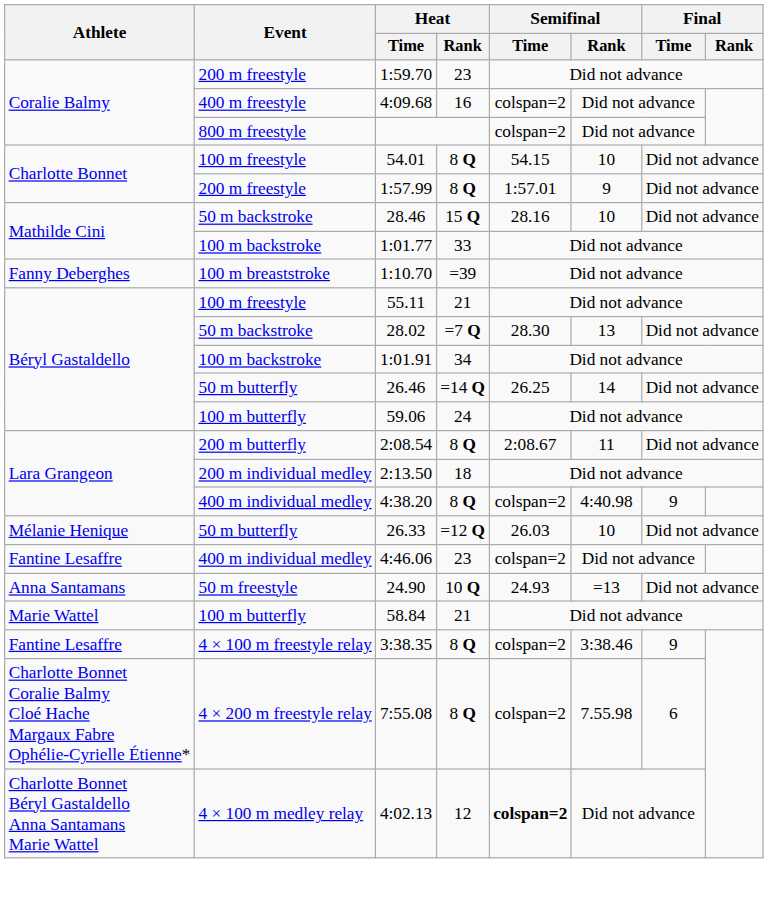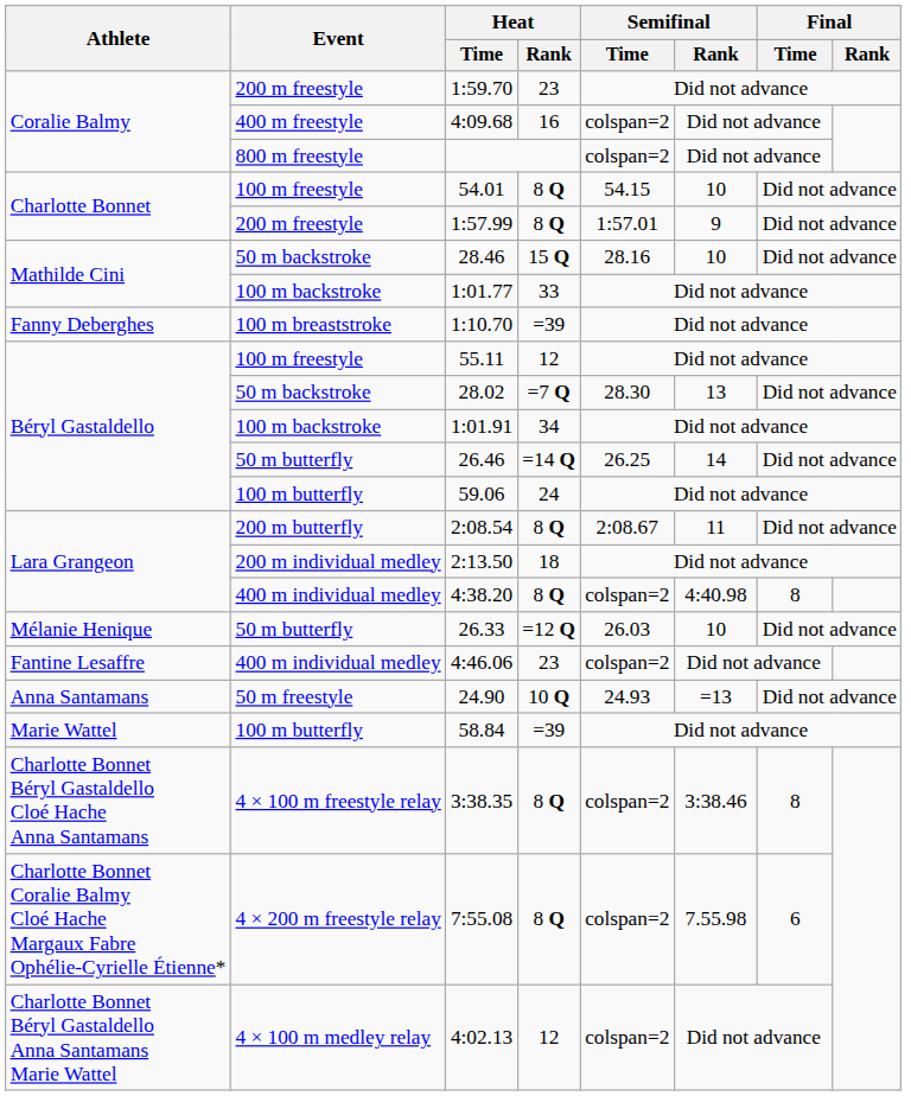 <table class=wikitable style="font-size:90%">
 <tr>
 <th rowspan="2">Athlete</th>
 <th rowspan="2">Event</th>
 <th colspan="2">Heat</th>
 <th colspan="2">Semifinal</th>
 <th colspan="2">Final</th>
 </tr>
 <tr style="font-size:95%">
 <th>Time</th>
 <th>Rank</th>
 <th>Time</th>
 <th>Rank</th>
 <th>Time</th>
 <th>Rank</th>
 </tr>
 <tr align=center>
 <td align=left rowspan=3><a href='#'>Coralie Balmy</a></td>
 <td align=left><a href='#'>200 m freestyle</a></td>
 <td>1:59.70</td>
 <td>23</td>
 <td colspan=4>Did not advance</td>
 </tr>
 <tr align=center>
 <td align=left><a href='#'>400 m freestyle</a></td>
 <td>4:09.68</td>
 <td>16</td>
 <td>colspan=2 </td>
 <td colspan=2>Did not advance</td>
 </tr>
 <tr align=center>
 <td align=left><a href='#'>800 m freestyle</a></td>
 <td colspan=2></td>
 <td>colspan=2 </td>
 <td colspan=2>Did not advance</td>
 </tr>
 <tr align=center>
 <td align=left rowspan=2><a href='#'>Charlotte Bonnet</a></td>
 <td align=left><a href='#'>100 m freestyle</a></td>
 <td>54.01</td>
 <td>8 <strong>Q</strong></td>
 <td>54.15</td>
 <td>10</td>
 <td colspan=2>Did not advance</td>
 </tr>
 <tr align=center>
 <td align=left><a href='#'>200 m freestyle</a></td>
 <td>1:57.99</td>
 <td>8 <strong>Q</strong></td>
 <td>1:57.01</td>
 <td>9</td>
 <td colspan=2>Did not advance</td>
 </tr>
 <tr align=center>
 <td align=left rowspan=2><a href='#'>Mathilde Cini</a></td>
 <td align=left><a href='#'>50 m backstroke</a></td>
 <td>28.46</td>
 <td>15 <strong>Q</strong></td>
 <td>28.16</td>
 <td>10</td>
 <td colspan=2>Did not advance</td>
 </tr>
 <tr align=center>
 <td align=left><a href='#'>100 m backstroke</a></td>
 <td>1:01.77</td>
 <td>33</td>
 <td colspan=4>Did not advance</td>
 </tr>
 <tr align=center>
 <td align=left><a href='#'>Fanny Deberghes</a></td>
 <td align=left><a href='#'>100 m breaststroke</a></td>
 <td>1:10.70</td>
 <td>=39</td>
 <td colspan=4>Did not advance</td>
 </tr>
 <tr align=center>
 <td align=left rowspan=5><a href='#'>Béryl Gastaldello</a></td>
 <td align=left><a href='#'>100 m freestyle</a></td>
 <td>55.11</td>
-<td>21</td>
+<td>12</td>
 <td colspan=4>Did not advance</td>
 </tr>
 <tr align=center>
 <td align=left><a href='#'>50 m backstroke</a></td>
 <td>28.02</td>
 <td>=7 <strong>Q</strong></td>
 <td>28.30</td>
 <td>13</td>
 <td colspan=2>Did not advance</td>
 </tr>
 <tr align=center>
 <td align=left><a href='#'>100 m backstroke</a></td>
 <td>1:01.91</td>
 <td>34</td>
 <td colspan=4>Did not advance</td>
 </tr>
 <tr align=center>
 <td align=left><a href='#'>50 m butterfly</a></td>
 <td>26.46</td>
 <td>=14 <strong>Q</strong></td>
 <td>26.25</td>
 <td>14</td>
 <td colspan=2>Did not advance</td>
 </tr>
 <tr align=center>
 <td align=left><a href='#'>100 m butterfly</a></td>
 <td>59.06</td>
 <td>24</td>
 <td colspan=4>Did not advance</td>
 </tr>
 <tr align=center>
 <td align=left rowspan=3><a href='#'>Lara Grangeon</a></td>
 <td align=left><a href='#'>200 m butterfly</a></td>
 <td>2:08.54</td>
 <td>8 <strong>Q</strong></td>
 <td>2:08.67</td>
 <td>11</td>
 <td colspan=2>Did not advance</td>
 </tr>
 <tr align=center>
 <td align=left><a href='#'>200 m individual medley</a></td>
 <td>2:13.50</td>
 <td>18</td>
 <td colspan=4>Did not advance</td>
 </tr>
 <tr align=center>
 <td align=left><a href='#'>400 m individual medley</a></td>
 <td>4:38.20</td>
 <td>8 <strong>Q</strong></td>
 <td>colspan=2 </td>
 <td>4:40.98</td>
-<td>9</td>
+<td>8</td>
 </tr>
 <tr align=center>
 <td align=left><a href='#'>Mélanie Henique</a></td>
 <td align=left><a href='#'>50 m butterfly</a></td>
 <td>26.33</td>
 <td>=12 <strong>Q</strong></td>
 <td>26.03</td>
 <td>10</td>
 <td colspan=2>Did not advance</td>
 </tr>
 <tr align=center>
 <td align=left><a href='#'>Fantine Lesaffre</a></td>
 <td align=left><a href='#'>400 m individual medley</a></td>
 <td>4:46.06</td>
 <td>23</td>
 <td>colspan=2 </td>
 <td colspan=2>Did not advance</td>
 </tr>
 <tr align=center>
 <td align=left><a href='#'>Anna Santamans</a></td>
 <td align=left><a href='#'>50 m freestyle</a></td>
 <td>24.90</td>
 <td>10 <strong>Q</strong></td>
 <td>24.93</td>
 <td>=13</td>
 <td colspan=2>Did not advance</td>
 </tr>
 <tr align=center>
 <td align=left><a href='#'>Marie Wattel</a></td>
 <td align=left><a href='#'>100 m butterfly</a></td>
 <td>58.84</td>
-<td>21</td>
+<td>=39</td>
 <td colspan=4>Did not advance</td>
 </tr>
 <tr align=center>
-<td align=left><a href='#'>Fantine Lesaffre</a></td>
+<td align=left><a href='#'>Charlotte Bonnet</a><br><a href='#'>Béryl Gastaldello</a><br><a href='#'>Cloé Hache</a><br><a href='#'>Anna Santamans</a></td>
 <td align=left><a href='#'>4 × 100 m freestyle relay</a></td>
 <td>3:38.35</td>
 <td>8 <strong>Q</strong></td>
 <td>colspan=2 </td>
 <td>3:38.46</td>
-<td>9</td>
+<td>8</td>
 </tr>
 <tr align=center>
 <td align=left><a href='#'>Charlotte Bonnet</a><br><a href='#'>Coralie Balmy</a><br><a href='#'>Cloé Hache</a><br><a href='#'>Margaux Fabre</a><br><a href='#'>Ophélie-Cyrielle Étienne</a>*</td>
 <td align=left><a href='#'>4 × 200 m freestyle relay</a></td>
 <td>7:55.08</td>
 <td>8 <strong>Q</strong></td>
 <td>colspan=2 </td>
 <td>7.55.98</td>
 <td>6</td>
 </tr>
 <tr align=center>
 <td align=left><a href='#'>Charlotte Bonnet</a><br><a href='#'>Béryl Gastaldello</a><br><a href='#'>Anna Santamans</a><br><a href='#'>Marie Wattel</a></td>
 <td align=left><a href='#'>4 × 100 m medley relay</a></td>
 <td>4:02.13</td>
 <td>12</td>
-<td><strong>colspan=2 </strong></td>
+<td>colspan=2 </td>
 <td colspan=2>Did not advance</td>
 </tr>
 </table>
